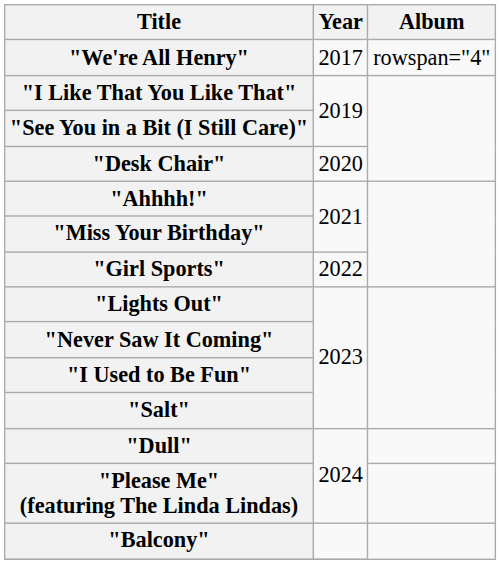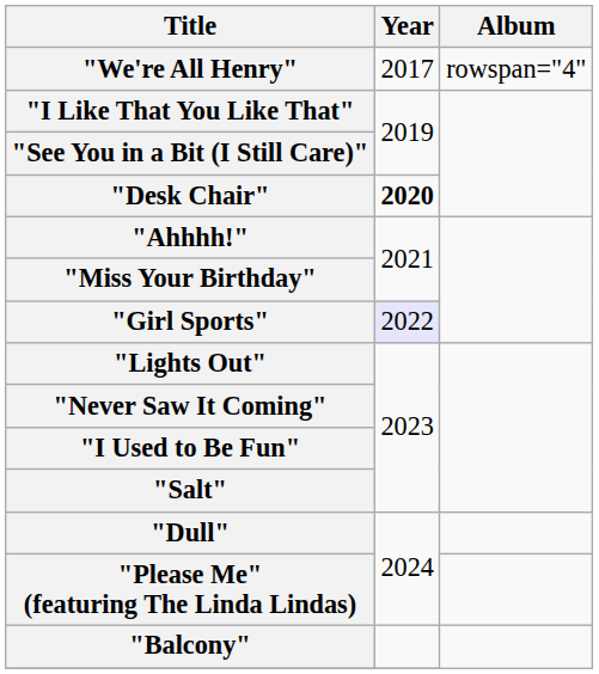 <table class="wikitable plainrowheaders">
 <tr>
 <th>Title</th>
 <th>Year</th>
 <th>Album</th>
 </tr>
 <tr>
 <th scope="row">"We're All Henry"</th>
 <td>2017</td>
 <td>rowspan="4" </td>
 </tr>
 <tr>
 <th scope="row">"I Like That You Like That"</th>
 <td rowspan="2">2019</td>
 </tr>
 <tr>
 <th scope="row">"See You in a Bit (I Still Care)"</th>
 </tr>
 <tr>
 <th scope="row">"Desk Chair"</th>
-<td>2020</td>
+<td><strong>2020</strong></td>
 </tr>
 <tr>
 <th scope="row">"Ahhhh!"</th>
 <td rowspan="2">2021</td>
 <td rowspan="3"></td>
 </tr>
 <tr>
 <th scope="row">"Miss Your Birthday"</th>
 </tr>
 <tr>
 <th scope="row">"Girl Sports"</th>
-<td>2022</td>
+<td style="background: lavender;">2022</td>
 </tr>
 <tr>
 <th scope="row">"Lights Out"</th>
 <td rowspan="4">2023</td>
 <td rowspan="4"></td>
 </tr>
 <tr>
 <th scope="row">"Never Saw It Coming"</th>
 </tr>
 <tr>
 <th scope="row">"I Used to Be Fun"</th>
 </tr>
 <tr>
 <th scope="row">"Salt"</th>
 </tr>
 <tr>
 <th scope="row">"Dull"</th>
 <td rowspan="2">2024</td>
 <td rowspan="1"></td>
 </tr>
 <tr>
 <th scope="row">"Please Me"<br>(featuring The Linda Lindas)</th>
 <td></td>
 </tr>
 <tr>
 <th scope="row">"Balcony"</th>
 <td></td>
 </tr>
 <tr>
 </tr>
 </table>
